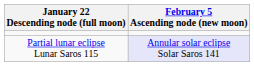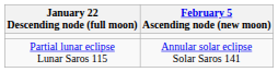 <table class="wikitable">
 <tr>
 <th>January 22<br>Descending node (full moon)<br></th>
 <th><a href='#'>February 5</a><br>Ascending node (new moon)<br></th>
 </tr>
 <tr>
 <td></td>
 <td></td>
 </tr>
 <tr align=center>
 <td><a href='#'>Partial lunar eclipse</a><br>Lunar Saros 115</td>
-<td style="background: lavender;"><a href='#'>Annular solar eclipse</a><br>Solar Saros 141</td>
+<td><a href='#'>Annular solar eclipse</a><br>Solar Saros 141</td>
 </tr>
 </table>
